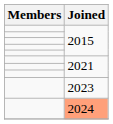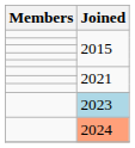 <table class="wikitable sortable">
 <tr>
 <th>Members</th>
 <th>Joined</th>
 </tr>
 <tr>
 <td></td>
 <td rowspan=5>2015</td>
 </tr>
 <tr>
 <td></td>
 </tr>
 <tr>
 <td></td>
 </tr>
 <tr>
 <td></td>
 </tr>
 <tr>
 <td></td>
 </tr>
 <tr>
 <td></td>
 <td rowspan=3>2021</td>
 </tr>
 <tr>
 <td></td>
 </tr>
 <tr>
 <td></td>
 </tr>
 <tr>
 <td></td>
-<td>2023</td>
+<td style="background: lightblue;">2023</td>
 </tr>
 <tr>
 <td></td>
 <td style="background: lightsalmon;">2024</td>
 </tr>
 <tr>
 </tr>
 </table>
